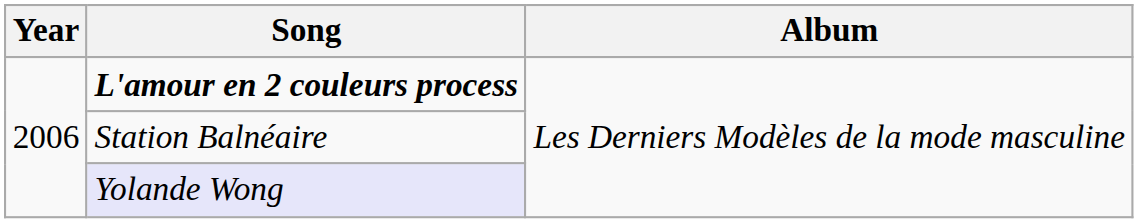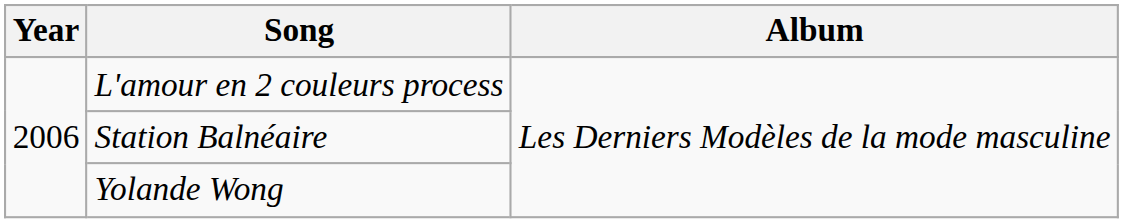 <table class="wikitable">
 <tr>
 <th rowspan="1">Year</th>
 <th rowspan="1">Song</th>
 <th rowspan="1">Album</th>
 </tr>
 <tr>
 <td rowspan="3">2006</td>
-<td align="left"><strong><em>L'amour en 2 couleurs process</em></strong></td>
+<td align="left"><em>L'amour en 2 couleurs process</em></td>
 <td rowspan="3"><em>Les Derniers Modèles de la mode masculine</em></td>
 </tr>
 <tr>
 <td><em>Station Balnéaire </em></td>
 </tr>
 <tr>
-<td style="background: lavender;"><em>Yolande Wong </em></td>
+<td><em>Yolande Wong </em></td>
 </tr>
 </table>
